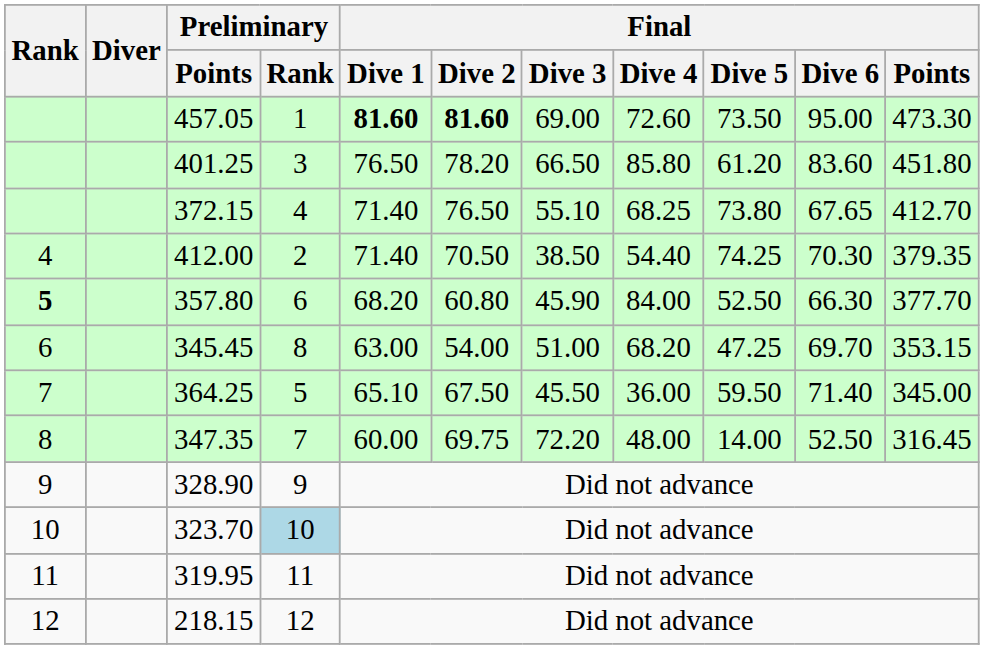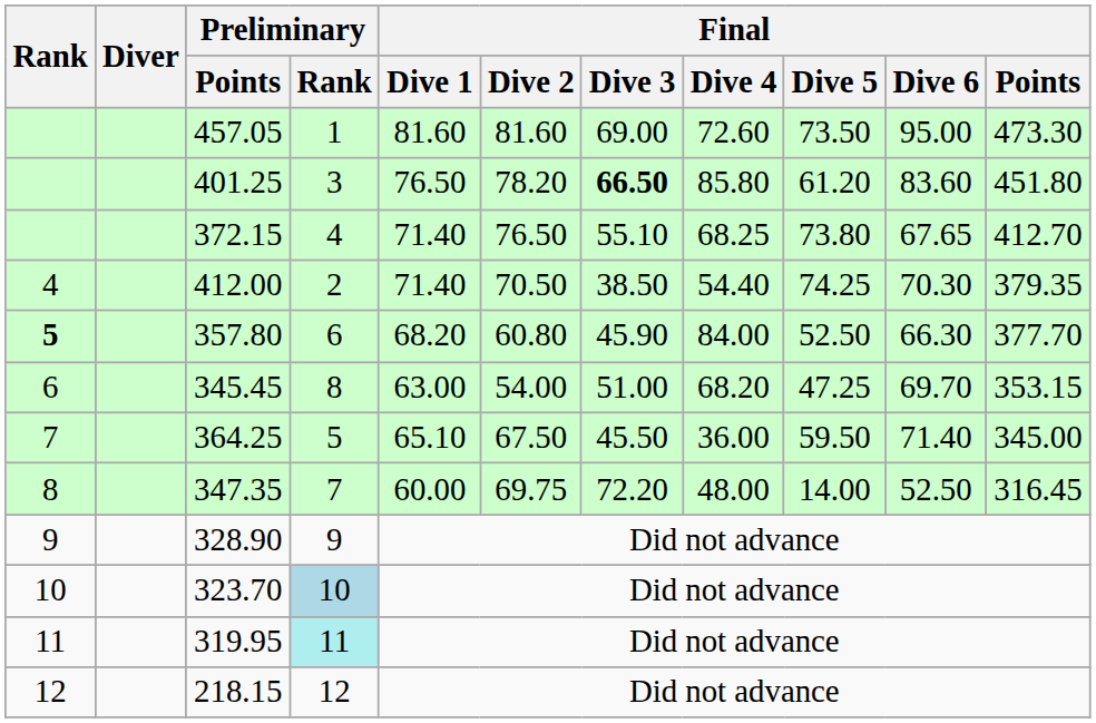 <table class="wikitable sortable"  style="text-align:center">
 <tr>
 <th rowspan="2" data-sort-type=number>Rank</th>
 <th rowspan="2">Diver</th>
 <th colspan="2">Preliminary</th>
 <th colspan="7">Final</th>
 </tr>
 <tr>
 <th>Points</th>
 <th>Rank</th>
 <th>Dive 1</th>
 <th>Dive 2</th>
 <th>Dive 3</th>
 <th>Dive 4</th>
 <th>Dive 5</th>
 <th>Dive 6</th>
 <th>Points</th>
 </tr>
 <tr bgcolor=ccffcc>
 <td></td>
 <td align="left"></td>
 <td>457.05</td>
 <td>1</td>
-<td><strong>81.60</strong></td>
-<td><strong>81.60</strong></td>
+<td>81.60</td>
+<td>81.60</td>
 <td>69.00</td>
 <td>72.60</td>
 <td>73.50</td>
 <td>95.00</td>
 <td>473.30</td>
 </tr>
 <tr bgcolor=ccffcc>
 <td></td>
 <td align="left"></td>
 <td>401.25</td>
 <td>3</td>
 <td>76.50</td>
 <td>78.20</td>
-<td>66.50</td>
+<td><strong>66.50</strong></td>
 <td>85.80</td>
 <td>61.20</td>
 <td>83.60</td>
 <td>451.80</td>
 </tr>
 <tr bgcolor=ccffcc>
 <td></td>
 <td align="left"></td>
 <td>372.15</td>
 <td>4</td>
 <td>71.40</td>
 <td>76.50</td>
 <td>55.10</td>
 <td>68.25</td>
 <td>73.80</td>
 <td>67.65</td>
 <td>412.70</td>
 </tr>
 <tr bgcolor=ccffcc>
 <td>4</td>
 <td align="left"></td>
 <td>412.00</td>
 <td>2</td>
 <td>71.40</td>
 <td>70.50</td>
 <td>38.50</td>
 <td>54.40</td>
 <td>74.25</td>
 <td>70.30</td>
 <td>379.35</td>
 </tr>
 <tr bgcolor=ccffcc>
 <td><strong>5</strong></td>
 <td align="left"></td>
 <td>357.80</td>
 <td>6</td>
 <td>68.20</td>
 <td>60.80</td>
 <td>45.90</td>
 <td>84.00</td>
 <td>52.50</td>
 <td>66.30</td>
 <td>377.70</td>
 </tr>
 <tr bgcolor=ccffcc>
 <td>6</td>
 <td align="left"></td>
 <td>345.45</td>
 <td>8</td>
 <td>63.00</td>
 <td>54.00</td>
 <td>51.00</td>
 <td>68.20</td>
 <td>47.25</td>
 <td>69.70</td>
 <td>353.15</td>
 </tr>
 <tr bgcolor=ccffcc>
 <td>7</td>
 <td align="left"></td>
 <td>364.25</td>
 <td>5</td>
 <td>65.10</td>
 <td>67.50</td>
 <td>45.50</td>
 <td>36.00</td>
 <td>59.50</td>
 <td>71.40</td>
 <td>345.00</td>
 </tr>
 <tr bgcolor=ccffcc>
 <td>8</td>
 <td align="left"></td>
 <td>347.35</td>
 <td>7</td>
 <td>60.00</td>
 <td>69.75</td>
 <td>72.20</td>
 <td>48.00</td>
 <td>14.00</td>
 <td>52.50</td>
 <td>316.45</td>
 </tr>
 <tr>
 <td>9</td>
 <td align="left"></td>
 <td>328.90</td>
 <td>9</td>
 <td colspan="7">Did not advance</td>
 </tr>
 <tr>
 <td>10</td>
 <td align="left"></td>
 <td>323.70</td>
 <td style="background: lightblue;">10</td>
 <td colspan="7">Did not advance</td>
 </tr>
 <tr>
 <td>11</td>
 <td align="left"></td>
 <td>319.95</td>
-<td>11</td>
+<td style="background: paleturquoise;">11</td>
 <td colspan="7">Did not advance</td>
 </tr>
 <tr>
 <td>12</td>
 <td align="left"></td>
 <td>218.15</td>
 <td>12</td>
 <td colspan="7">Did not advance</td>
 </tr>
 </table>
